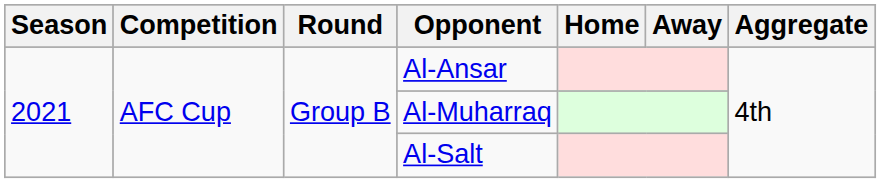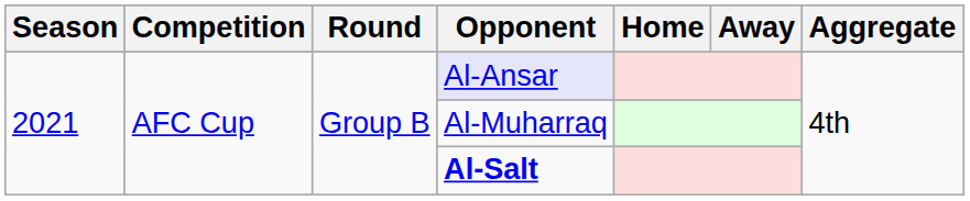 <table class="wikitable">
 <tr>
 <th>Season</th>
 <th>Competition</th>
 <th>Round</th>
 <th>Opponent</th>
 <th>Home</th>
 <th>Away</th>
 <th>Aggregate</th>
 </tr>
 <tr>
 <td rowspan=3><a href='#'>2021</a></td>
 <td rowspan=3><a href='#'>AFC Cup</a></td>
 <td rowspan=3><a href='#'>Group B</a></td>
-<td> <a href='#'>Al-Ansar</a></td>
+<td style="background: lavender;"> <a href='#'>Al-Ansar</a></td>
 <td colspan=2 style="background:#fdd;"></td>
 <td rowspan=3>4th</td>
 </tr>
 <tr>
 <td> <a href='#'>Al-Muharraq</a></td>
 <td colspan=2 style="background:#dfd;"></td>
 </tr>
 <tr>
-<td> <a href='#'>Al-Salt</a></td>
+<td><strong> <a href='#'>Al-Salt</a></strong></td>
 <td colspan=2 style="background:#fdd;"></td>
 </tr>
 </table>
